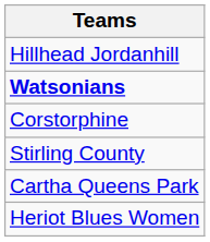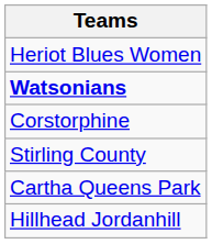 <table class=wikitable>
 <tr>
 <th>Teams</th>
 </tr>
 <tr>
-<td><a href='#'>Hillhead Jordanhill</a></td>
+<td><a href='#'>Heriot Blues Women</a></td>
 </tr>
 <tr>
 <td><strong><a href='#'>Watsonians</a></strong></td>
 </tr>
 <tr>
 <td><a href='#'>Corstorphine</a></td>
 </tr>
 <tr>
 <td><a href='#'>Stirling County</a></td>
 </tr>
 <tr>
 <td><a href='#'>Cartha Queens Park</a></td>
 </tr>
 <tr>
-<td><a href='#'>Heriot Blues Women</a></td>
+<td><a href='#'>Hillhead Jordanhill</a></td>
 </tr>
 </table>
